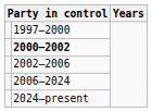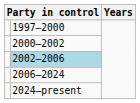 <table class="wikitable">
 <tr>
 <th colspan="2">Party in control</th>
 <th>Years</th>
 </tr>
 <tr>
 <td></td>
 <td>1997–2000</td>
 </tr>
 <tr>
 <td></td>
-<td><strong>2000–2002</strong></td>
+<td>2000–2002</td>
 </tr>
 <tr>
 <td></td>
-<td>2002–2006</td>
+<td style="background: lightblue;">2002–2006</td>
 </tr>
 <tr>
 <td></td>
 <td>2006–2024</td>
 </tr>
 <tr>
 <td></td>
 <td>2024–present</td>
 </tr>
 </table>
